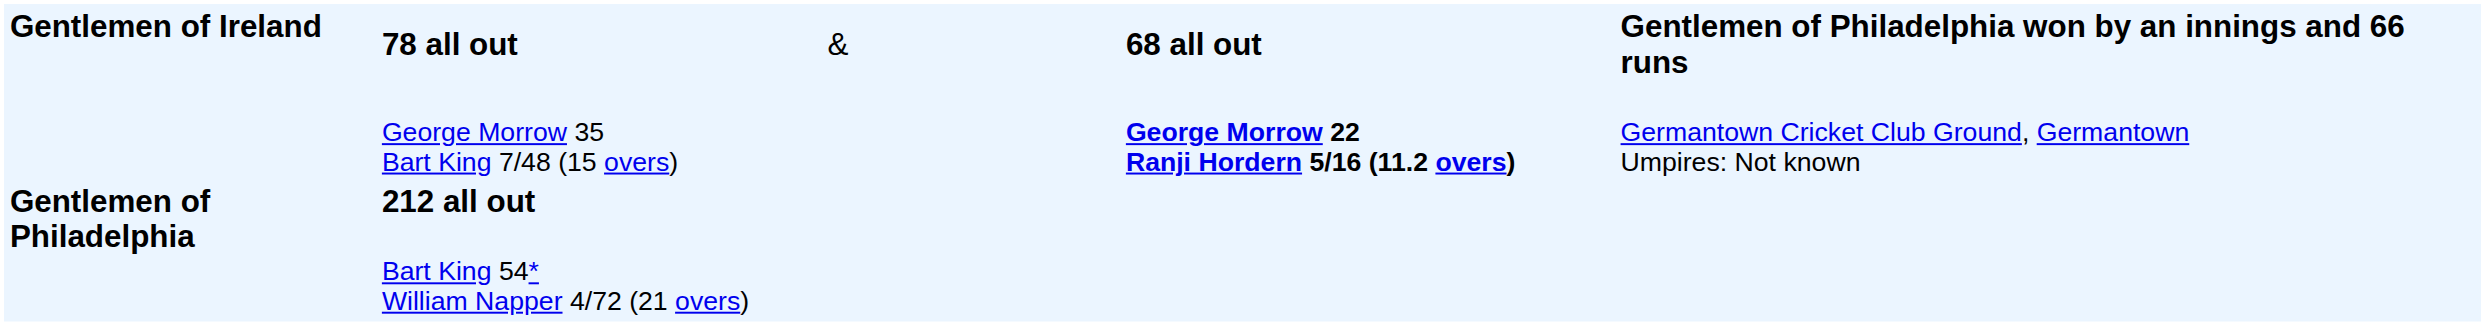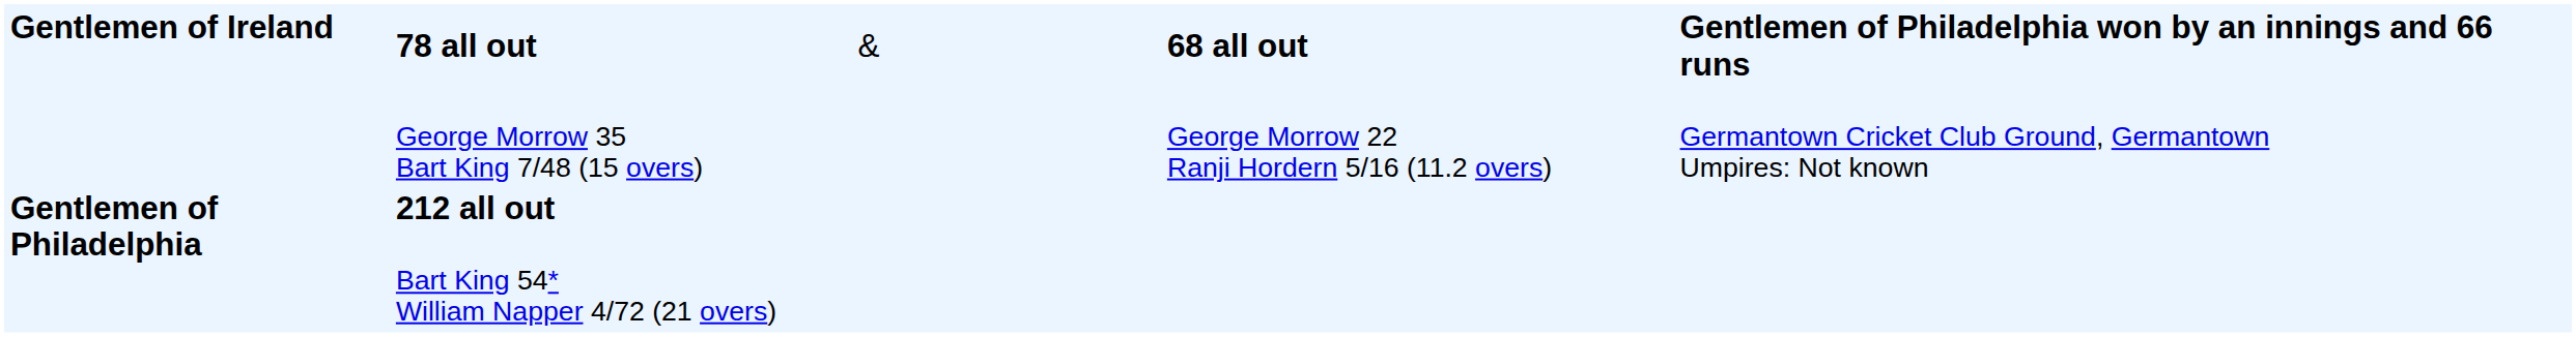 <table width="100%" style="background: #EBF5FF">
 <tr>
 <td width="15%" valign="top" rowspan="2"><strong>Gentlemen of Ireland</strong></td>
 <td width="18%"><strong>78 all out</strong></td>
 <td width="12%">&</td>
 <td width="20%"><strong>68 all out</strong></td>
 <td width="35%"><strong>Gentlemen of Philadelphia won by an innings and 66 runs</strong></td>
 </tr>
 <tr>
 <td style="font-size: 85%;" valign="top"><br><a href='#'>George Morrow</a> 35<br> <a href='#'>Bart King</a> 7/48 (15 <a href='#'>overs</a>)</td>
 <td></td>
-<td style="font-size: 85%;"><strong><br><a href='#'>George Morrow</a> 22<br> <a href='#'>Ranji Hordern</a> 5/16 (11.2 <a href='#'>overs</a>)</strong></td>
+<td style="font-size: 85%;"><br><a href='#'>George Morrow</a> 22<br> <a href='#'>Ranji Hordern</a> 5/16 (11.2 <a href='#'>overs</a>)</td>
 <td valign="top" style="font-size: 85%;" rowspan="3"><br><a href='#'>Germantown Cricket Club Ground</a>, <a href='#'>Germantown</a><br> Umpires: Not known</td>
 </tr>
 <tr>
 <td valign="top" rowspan="2"><strong>Gentlemen of Philadelphia</strong></td>
 <td><strong>212 all out</strong></td>
 </tr>
 <tr>
 <td style="font-size: 85%;"><br><a href='#'>Bart King</a> 54<a href='#'>*</a><br> <a href='#'>William Napper</a> 4/72 (21 <a href='#'>overs</a>)</td>
 </tr>
 </table>
